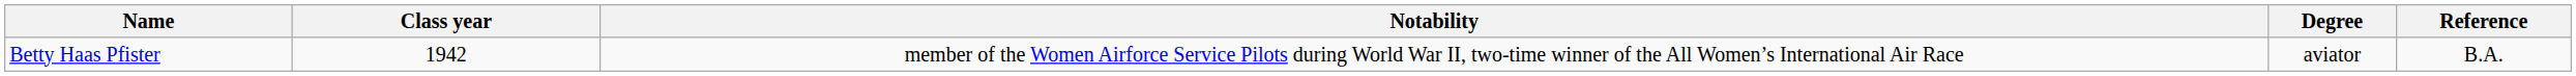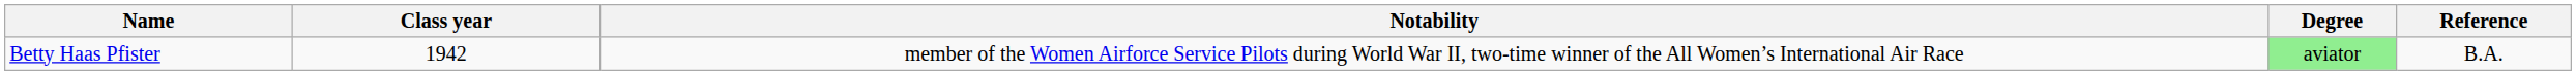 <table class="wikitable sortable" style="width:100%">
 <tr>
 <th style="width:*;">Name</th>
 <th style="width:12%;">Class year</th>
 <th style="width:65%;" class="unsortable">Notability</th>
 <th>Degree</th>
 <th>Reference</th>
 </tr>
 <tr>
 <td><a href='#'>Betty Haas Pfister</a></td>
 <td style="text-align:center;">1942</td>
 <td style="text-align:center;">member of the <a href='#'>Women Airforce Service Pilots</a> during World War II, two-time winner of the All Women’s International Air Race</td>
-<td style="text-align:center;">aviator</td>
+<td style="background: lightgreen; text-align:center;">aviator</td>
 <td style="text-align:center;">B.A.</td>
 </tr>
 </table>
